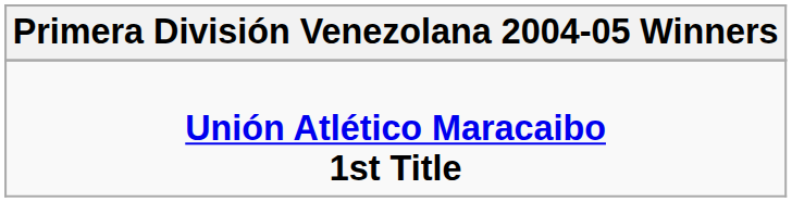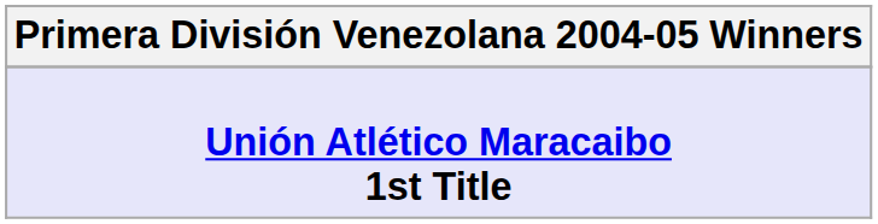 <table class="wikitable" style="text-align: center; margin: 0 auto;">
 <tr>
 <th>Primera División Venezolana 2004-05 Winners</th>
 </tr>
 <tr>
 </tr>
 <tr>
-<td><br><strong><a href='#'>Unión Atlético Maracaibo</a></strong><br><strong>1st Title</strong></td>
+<td style="background: lavender;"><br><strong><a href='#'>Unión Atlético Maracaibo</a></strong><br><strong>1st Title</strong></td>
 </tr>
 </table>
